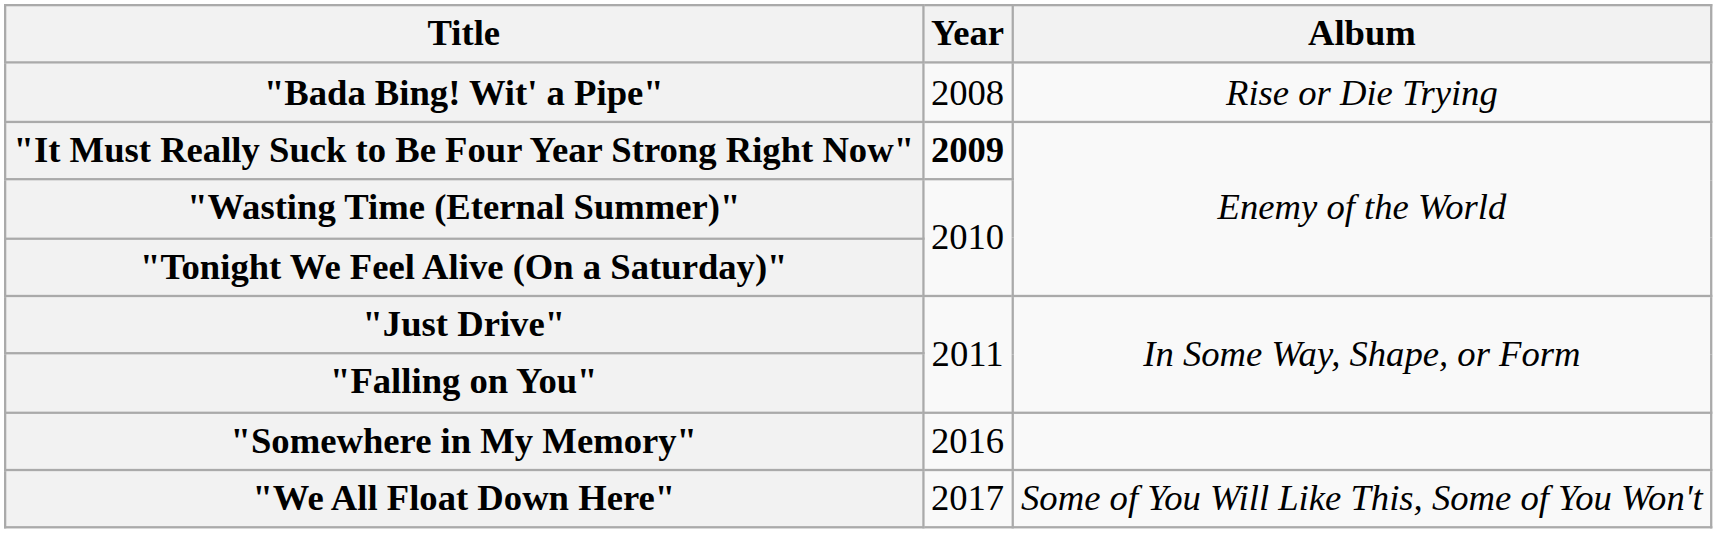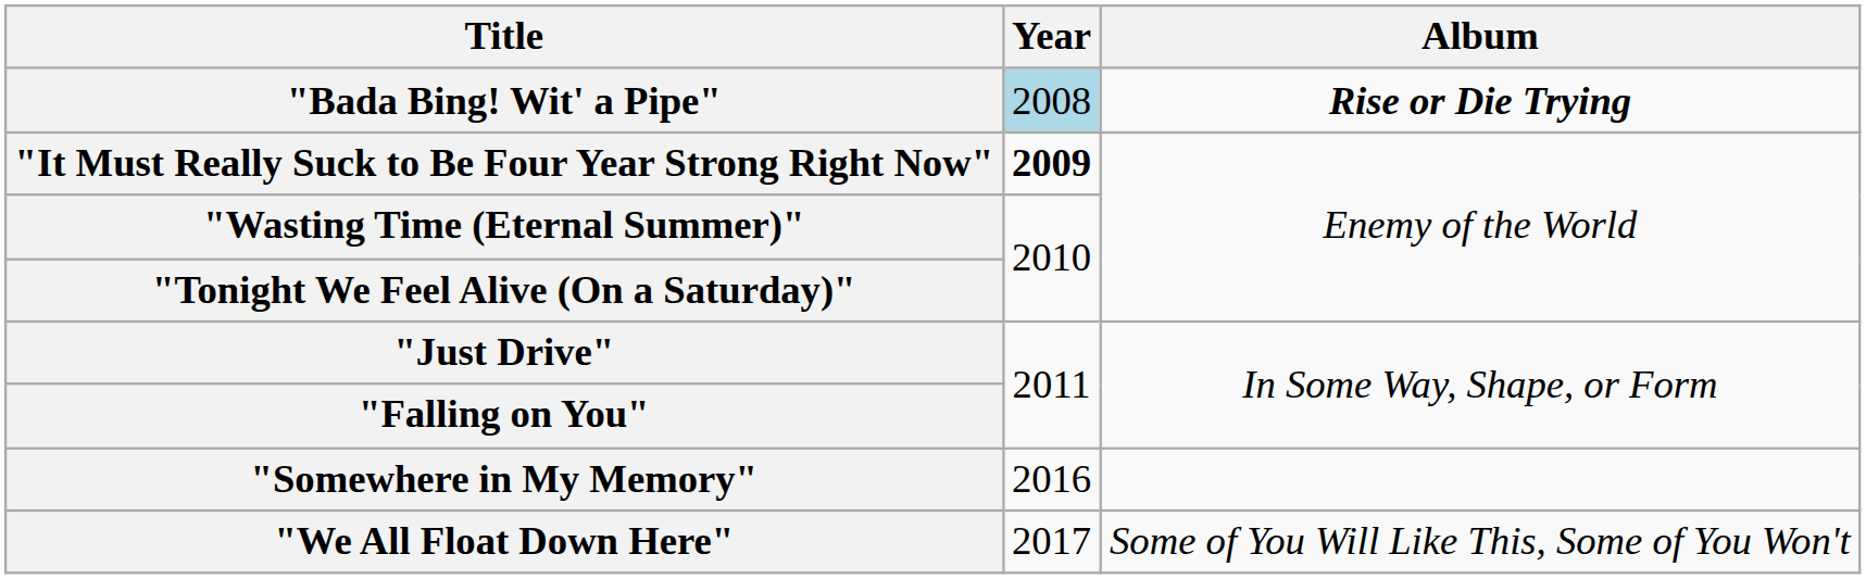 <table class="wikitable plainrowheaders" style="text-align:center;">
 <tr>
 <th rowspan="1">Title</th>
 <th rowspan="1">Year</th>
 <th rowspan="1">Album</th>
 </tr>
 <tr>
 <th scope="row">"Bada Bing! Wit' a Pipe"</th>
-<td>2008</td>
-<td><em>Rise or Die Trying</em></td>
+<td style="background: lightblue;">2008</td>
+<td><strong><em>Rise or Die Trying</em></strong></td>
 </tr>
 <tr>
 <th scope="row">"It Must Really Suck to Be Four Year Strong Right Now"</th>
 <td><strong>2009</strong></td>
 <td rowspan="3"><em>Enemy of the World</em></td>
 </tr>
 <tr>
 <th scope="row">"Wasting Time (Eternal Summer)"</th>
 <td rowspan="2">2010</td>
 </tr>
 <tr>
 <th scope="row">"Tonight We Feel Alive (On a Saturday)"</th>
 </tr>
 <tr>
 <th scope="row">"Just Drive"</th>
 <td rowspan="2">2011</td>
 <td rowspan="2"><em>In Some Way, Shape, or Form</em></td>
 </tr>
 <tr>
 <th scope="row">"Falling on You"</th>
 </tr>
 <tr>
 <th scope="row">"Somewhere in My Memory"</th>
 <td>2016</td>
 <td></td>
 </tr>
 <tr>
 <th scope="row">"We All Float Down Here"</th>
 <td>2017</td>
 <td><em>Some of You Will Like This, Some of You Won't</em></td>
 </tr>
 </table>
